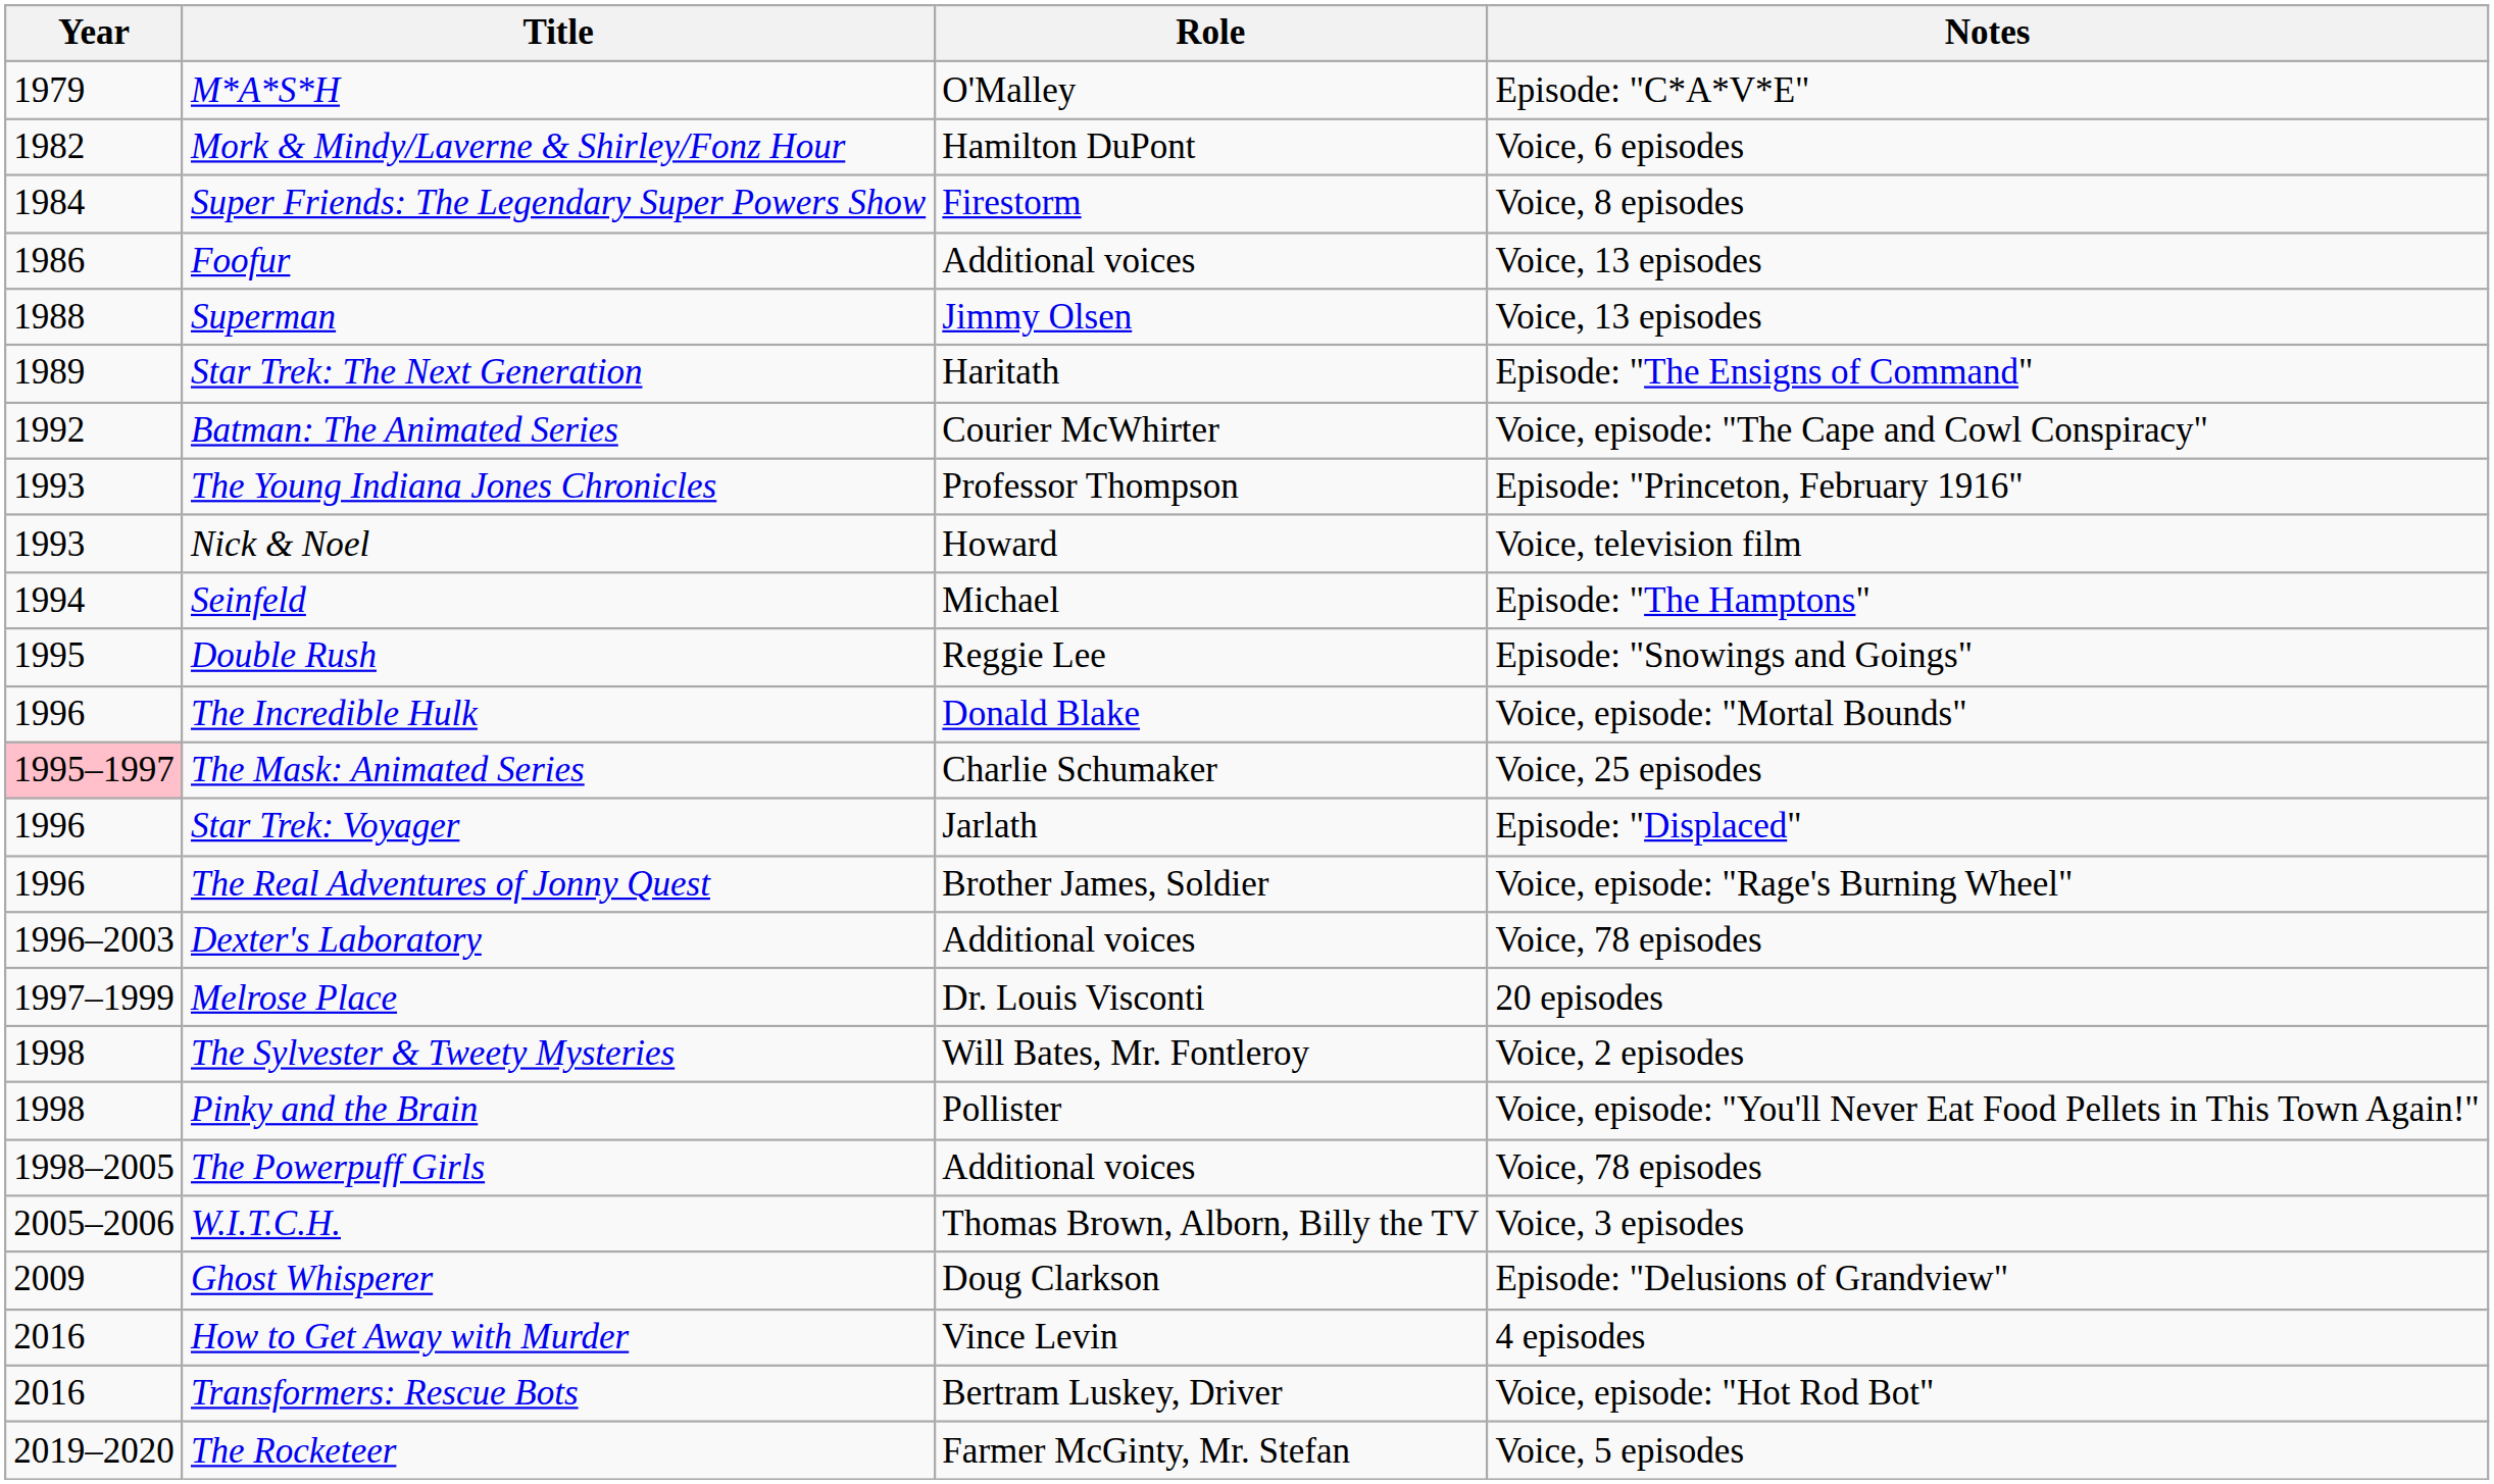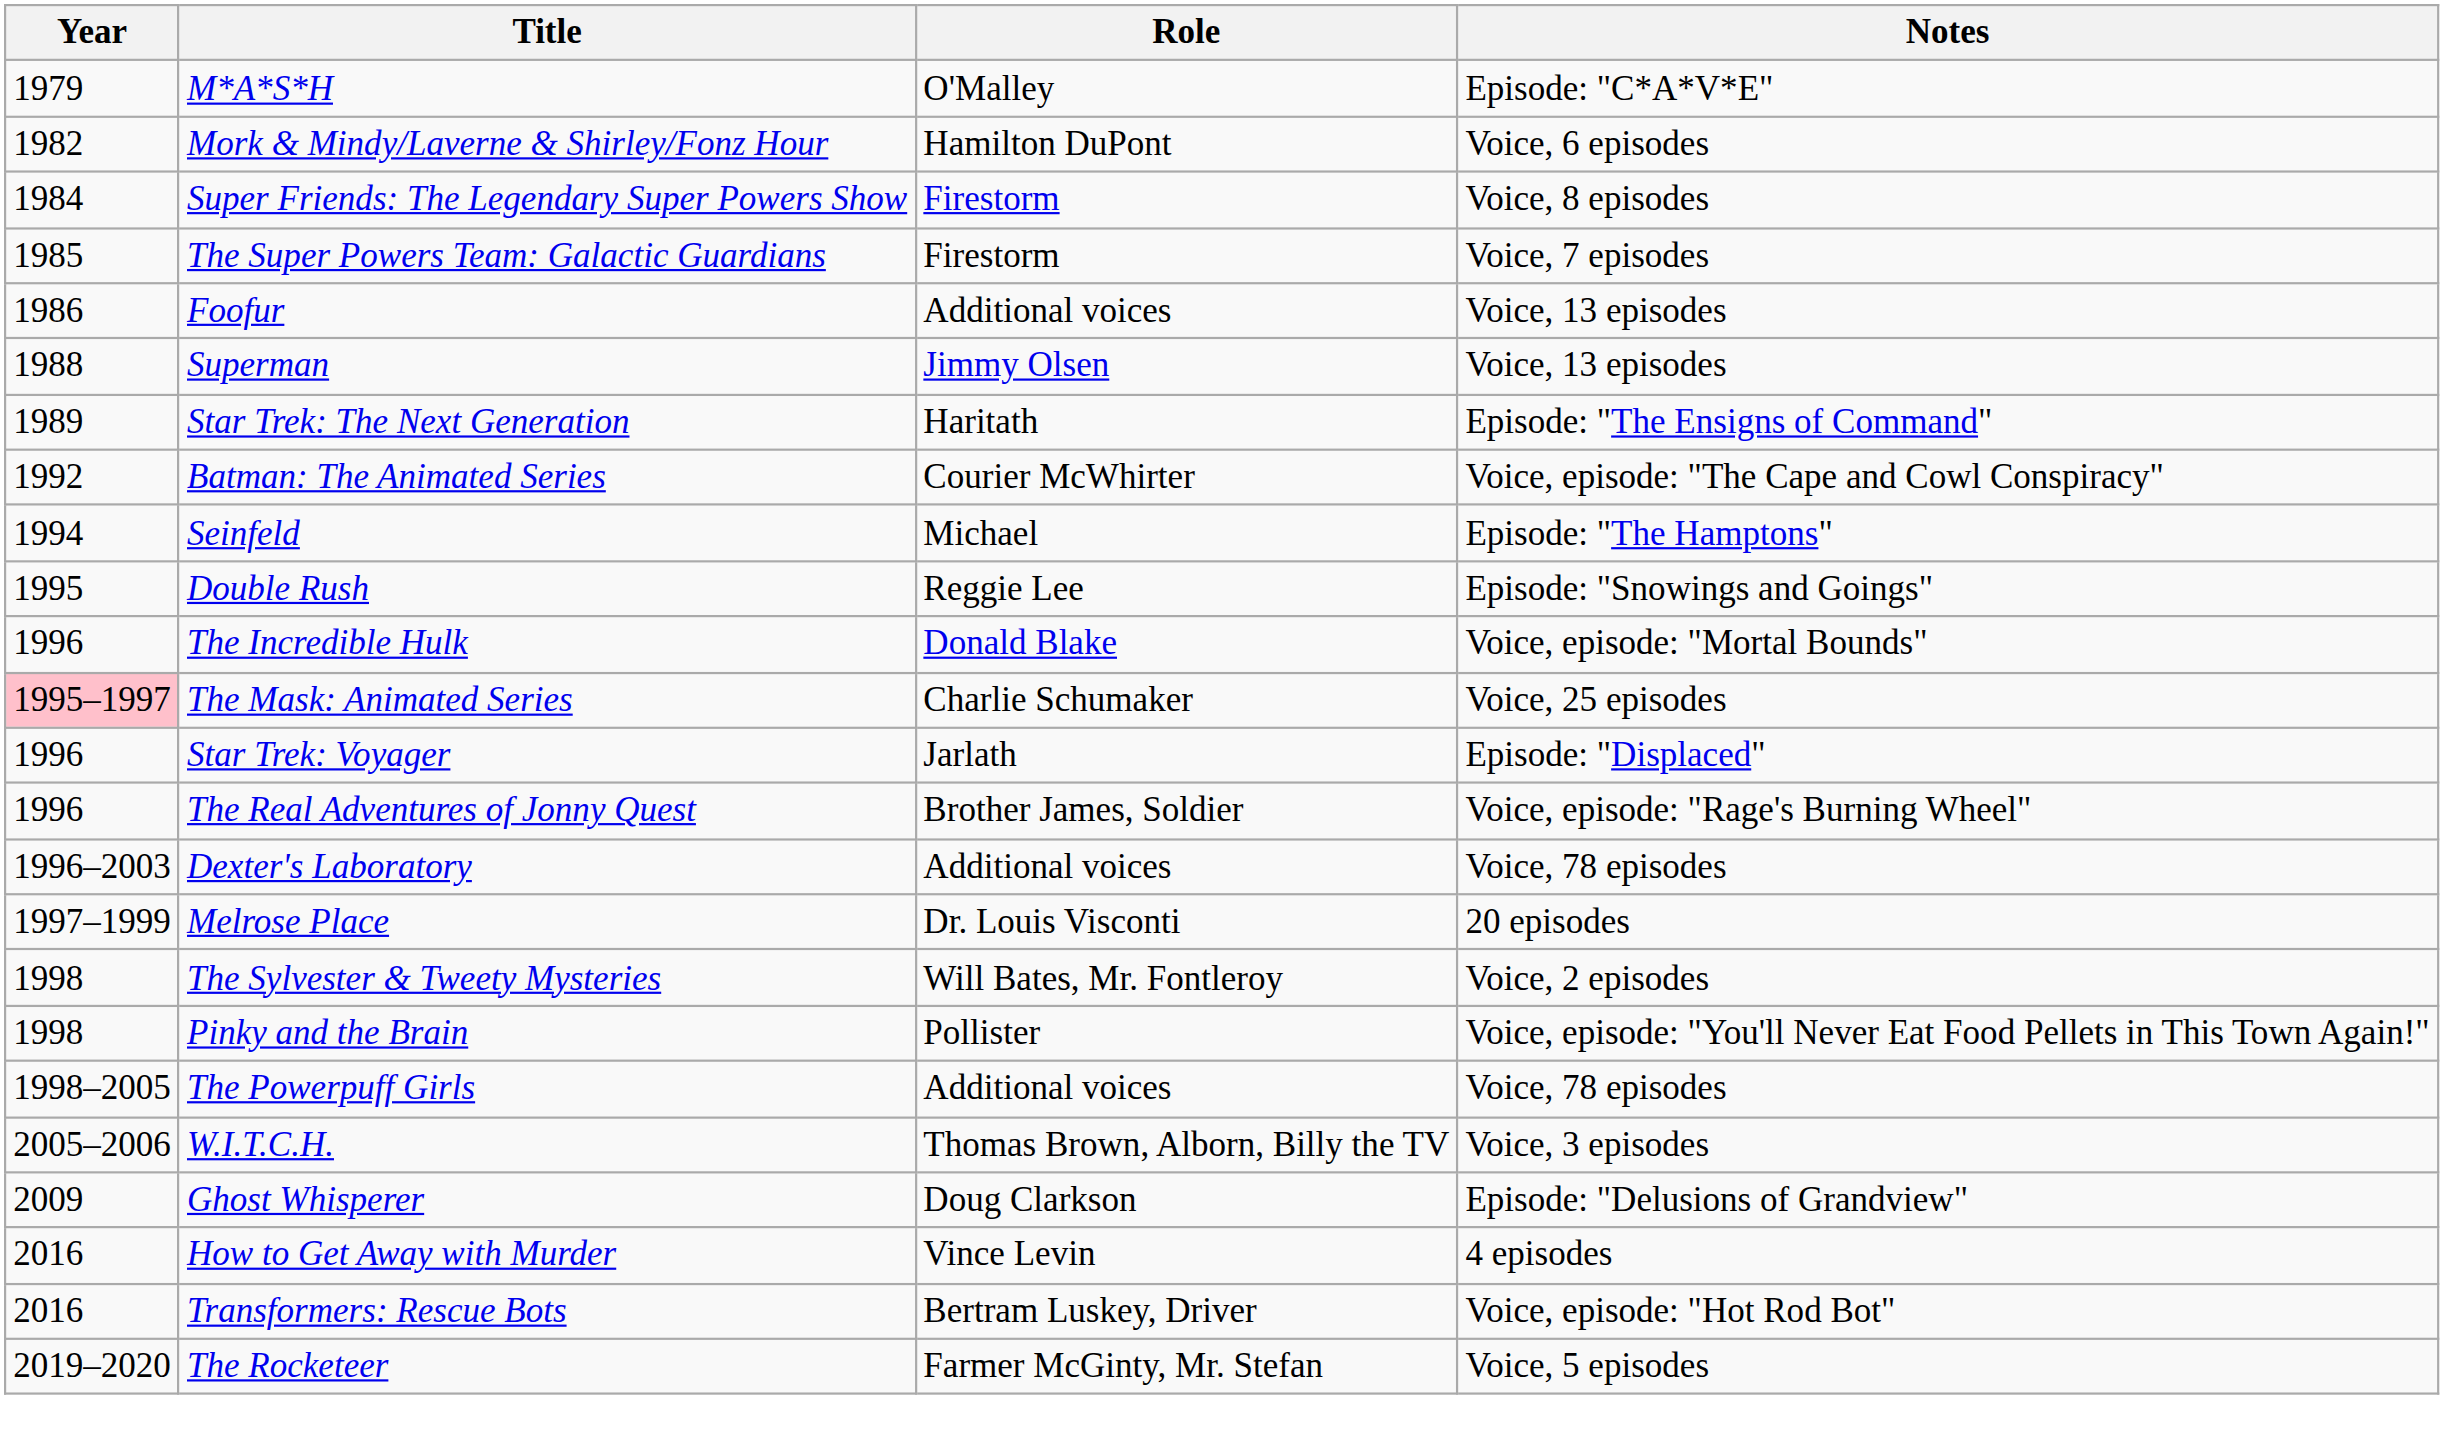 <table class="wikitable sortable plainrowheaders" style="white-space:nowrap">
 <tr>
 <th>Year</th>
 <th>Title</th>
 <th>Role</th>
 <th>Notes</th>
 </tr>
 <tr>
 <td>1979</td>
 <td><em><a href='#'>M*A*S*H</a></em></td>
 <td>O'Malley</td>
 <td>Episode: "C*A*V*E"</td>
 </tr>
 <tr>
 <td>1982</td>
 <td><em><a href='#'>Mork & Mindy/Laverne & Shirley/Fonz Hour</a></em></td>
 <td>Hamilton DuPont</td>
 <td>Voice, 6 episodes</td>
 </tr>
 <tr>
 <td>1984</td>
 <td><em><a href='#'>Super Friends: The Legendary Super Powers Show</a></em></td>
 <td><a href='#'>Firestorm</a></td>
 <td>Voice, 8 episodes</td>
 </tr>
 <tr>
+<td>1985</td>
+<td><em><a href='#'>The Super Powers Team: Galactic Guardians</a></em></td>
+<td>Firestorm</td>
+<td>Voice, 7 episodes</td>
+</tr>
+<tr>
 <td>1986</td>
 <td><em><a href='#'>Foofur</a></em></td>
 <td>Additional voices</td>
 <td>Voice, 13 episodes</td>
 </tr>
 <tr>
 <td>1988</td>
 <td><em><a href='#'>Superman</a></em></td>
 <td><a href='#'>Jimmy Olsen</a></td>
 <td>Voice, 13 episodes</td>
 </tr>
 <tr>
 <td>1989</td>
 <td><em><a href='#'>Star Trek: The Next Generation</a></em></td>
 <td>Haritath</td>
 <td>Episode: "<a href='#'>The Ensigns of Command</a>"</td>
 </tr>
 <tr>
 <td>1992</td>
 <td><em><a href='#'>Batman: The Animated Series</a></em></td>
 <td>Courier McWhirter</td>
 <td>Voice, episode: "The Cape and Cowl Conspiracy"</td>
-</tr>
-<tr>
-<td>1993</td>
-<td><em><a href='#'>The Young Indiana Jones Chronicles</a></em></td>
-<td>Professor Thompson</td>
-<td>Episode: "Princeton, February 1916"</td>
-</tr>
-<tr>
-<td>1993</td>
-<td><em>Nick & Noel</em></td>
-<td>Howard</td>
-<td>Voice, television film</td>
 </tr>
 <tr>
 <td>1994</td>
 <td><em><a href='#'>Seinfeld</a></em></td>
 <td>Michael</td>
 <td>Episode: "<a href='#'>The Hamptons</a>"</td>
 </tr>
 <tr>
 <td>1995</td>
 <td><em><a href='#'>Double Rush</a></em></td>
 <td>Reggie Lee</td>
 <td>Episode: "Snowings and Goings"</td>
 </tr>
 <tr>
 <td>1996</td>
 <td><em><a href='#'>The Incredible Hulk</a></em></td>
 <td><a href='#'>Donald Blake</a></td>
 <td>Voice, episode: "Mortal Bounds"</td>
 </tr>
 <tr>
 <td style="background: pink;">1995–1997</td>
 <td><em><a href='#'>The Mask: Animated Series</a></em></td>
 <td>Charlie Schumaker</td>
 <td>Voice, 25 episodes</td>
 </tr>
 <tr>
 <td>1996</td>
 <td><em><a href='#'>Star Trek: Voyager</a></em></td>
 <td>Jarlath</td>
 <td>Episode: "<a href='#'>Displaced</a>"</td>
 </tr>
 <tr>
 <td>1996</td>
 <td><em><a href='#'>The Real Adventures of Jonny Quest</a></em></td>
 <td>Brother James, Soldier</td>
 <td>Voice, episode: "Rage's Burning Wheel"</td>
 </tr>
 <tr>
 <td>1996–2003</td>
 <td><em><a href='#'>Dexter's Laboratory</a></em></td>
 <td>Additional voices</td>
 <td>Voice, 78 episodes</td>
 </tr>
 <tr>
 <td>1997–1999</td>
 <td><em><a href='#'>Melrose Place</a></em></td>
 <td>Dr. Louis Visconti</td>
 <td>20 episodes</td>
 </tr>
 <tr>
 <td>1998</td>
 <td><em><a href='#'>The Sylvester & Tweety Mysteries</a></em></td>
 <td>Will Bates, Mr. Fontleroy</td>
 <td>Voice, 2 episodes</td>
 </tr>
 <tr>
 <td>1998</td>
 <td><em><a href='#'>Pinky and the Brain</a></em></td>
 <td>Pollister</td>
 <td>Voice, episode: "You'll Never Eat Food Pellets in This Town Again!"</td>
 </tr>
 <tr>
 <td>1998–2005</td>
 <td><em><a href='#'>The Powerpuff Girls</a></em></td>
 <td>Additional voices</td>
 <td>Voice, 78 episodes</td>
 </tr>
 <tr>
 <td>2005–2006</td>
 <td><em><a href='#'>W.I.T.C.H.</a></em></td>
 <td>Thomas Brown, Alborn, Billy the TV</td>
 <td>Voice, 3 episodes</td>
 </tr>
 <tr>
 <td>2009</td>
 <td><em><a href='#'>Ghost Whisperer</a></em></td>
 <td>Doug Clarkson</td>
 <td>Episode: "Delusions of Grandview"</td>
 </tr>
 <tr>
 <td>2016</td>
 <td><em><a href='#'>How to Get Away with Murder</a></em></td>
 <td>Vince Levin</td>
 <td>4 episodes</td>
 </tr>
 <tr>
 <td>2016</td>
 <td><em><a href='#'>Transformers: Rescue Bots</a></em></td>
 <td>Bertram Luskey, Driver</td>
 <td>Voice, episode: "Hot Rod Bot"</td>
 </tr>
 <tr>
 <td>2019–2020</td>
 <td><em><a href='#'>The Rocketeer</a></em></td>
 <td>Farmer McGinty, Mr. Stefan</td>
 <td>Voice, 5 episodes</td>
 </tr>
 </table>
